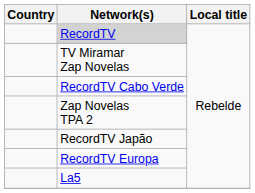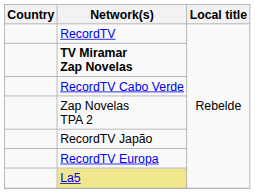 <table class="wikitable" style="font-size:95%;">
 <tr>
 <th>Country</th>
 <th>Network(s)</th>
 <th>Local title</th>
 </tr>
 <tr>
 <td></td>
-<td style="background: lightgrey;"><a href='#'>RecordTV</a></td>
+<td><a href='#'>RecordTV</a></td>
 <td rowspan=7 style="text-align:center;">Rebelde</td>
 </tr>
 <tr>
 <td></td>
-<td>TV Miramar<br>Zap Novelas</td>
+<td><strong>TV Miramar<br>Zap Novelas</strong></td>
 </tr>
 <tr>
 <td></td>
 <td><a href='#'>RecordTV Cabo Verde</a></td>
 </tr>
 <tr>
 <td></td>
 <td>Zap Novelas<br>TPA 2</td>
 </tr>
 <tr>
 <td></td>
 <td>RecordTV Japão</td>
 </tr>
 <tr>
 <td></td>
 <td><a href='#'>RecordTV Europa</a></td>
 </tr>
 <tr>
 <td></td>
-<td><a href='#'>La5</a></td>
+<td style="background: khaki;"><a href='#'>La5</a></td>
 </tr>
 <tr>
 </tr>
 </table>
